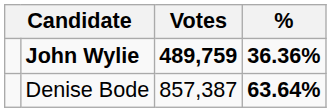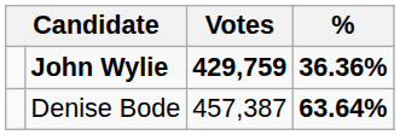 <table class="wikitable">
 <tr>
 <th colspan="2" rowspan="1" align="center" valign="top"><strong>Candidate</strong></th>
 <th valign="top"><strong>Votes</strong></th>
 <th valign="top"><strong>%</strong></th>
 </tr>
 <tr>
 <td style="background-color:"> </td>
 <td><strong>John Wylie</strong></td>
-<td><strong>489,759</strong></td>
+<td><strong>429,759</strong></td>
 <td><strong>36.36%</strong></td>
 </tr>
 <tr>
 <td style="background-color:"> </td>
 <td>Denise Bode</td>
-<td>857,387</td>
+<td>457,387</td>
 <td><strong>63.64%</strong></td>
 </tr>
 </table>
